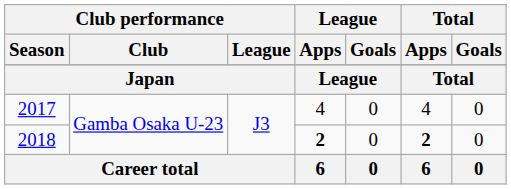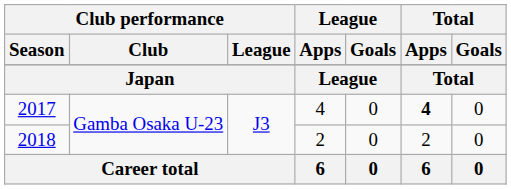 <table class="wikitable" style="text-align:center">
 <tr>
 <th colspan=3>Club performance</th>
 <th colspan=2>League</th>
 <th colspan=2>Total</th>
 </tr>
 <tr>
 <th>Season</th>
 <th>Club</th>
 <th>League</th>
 <th>Apps</th>
 <th>Goals</th>
 <th>Apps</th>
 <th>Goals</th>
 </tr>
 <tr>
 </tr>
 <tr>
 <th colspan=3>Japan</th>
 <th colspan=2>League</th>
 <th colspan=2>Total</th>
 </tr>
 <tr>
 <td><a href='#'>2017</a></td>
 <td rowspan=2><a href='#'>Gamba Osaka U-23</a></td>
 <td rowspan=2><a href='#'>J3</a></td>
 <td>4</td>
 <td>0</td>
-<td>4</td>
+<td><strong>4</strong></td>
 <td>0</td>
 </tr>
 <tr>
 <td><a href='#'>2018</a></td>
-<td><strong>2</strong></td>
+<td>2</td>
 <td>0</td>
-<td><strong>2</strong></td>
+<td>2</td>
 <td>0</td>
 </tr>
 <tr>
 <th colspan=3>Career total</th>
 <th>6</th>
 <th>0</th>
 <th>6</th>
 <th>0</th>
 </tr>
 </table>
